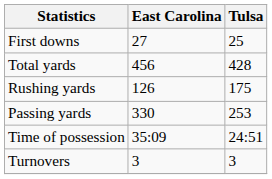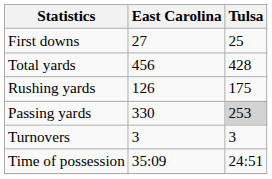 <table class="wikitable">
 <tr>
 <th>Statistics</th>
 <th>East Carolina</th>
 <th>Tulsa</th>
 </tr>
 <tr>
 <td>First downs</td>
 <td>27</td>
 <td>25</td>
 </tr>
 <tr>
 <td>Total yards</td>
 <td>456</td>
 <td>428</td>
 </tr>
 <tr>
 <td>Rushing yards</td>
 <td>126</td>
 <td>175</td>
 </tr>
 <tr>
 <td>Passing yards</td>
 <td>330</td>
-<td>253</td>
+<td style="background: lightgrey;">253</td>
+</tr>
+<tr>
+<td>Turnovers</td>
+<td>3</td>
+<td>3</td>
 </tr>
 <tr>
 <td>Time of possession</td>
 <td>35:09</td>
 <td>24:51</td>
 </tr>
 <tr>
-<td>Turnovers</td>
-<td>3</td>
-<td>3</td>
-</tr>
-<tr>
 </tr>
 </table>
